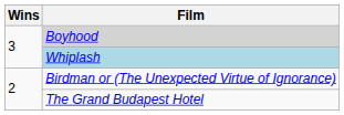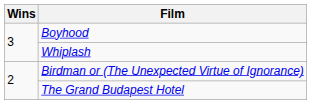 <table class="wikitable">
 <tr>
 <th>Wins</th>
 <th>Film</th>
 </tr>
 <tr>
 <td rowspan="2">3</td>
-<td style="background: lightgrey;"><em><a href='#'>Boyhood</a></em></td>
+<td><em><a href='#'>Boyhood</a></em></td>
 </tr>
 <tr>
-<td style="background: lightblue;"><em><a href='#'>Whiplash</a></em></td>
+<td><em><a href='#'>Whiplash</a></em></td>
 </tr>
 <tr>
 <td rowspan="2">2</td>
 <td><em><a href='#'>Birdman or (The Unexpected Virtue of Ignorance)</a></em></td>
 </tr>
 <tr>
 <td><em><a href='#'>The Grand Budapest Hotel</a></em></td>
 </tr>
 </table>
